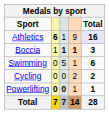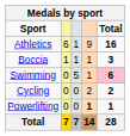 <table class="wikitable" style="font-size:85%">
 <tr style="background:#efefef;">
 <th colspan=7><strong>Medals by sport</strong></th>
 </tr>
 <tr style="text-align:center">
 <td><strong>Sport</strong></td>
 <td style="background:#f7f6a8"></td>
 <td style="background:#dce5e5"></td>
 <td style="background:#ffdab9"></td>
 <td><strong>Total</strong></td>
 </tr>
 <tr style="text-align:center">
 <td><a href='#'>Athletics</a></td>
-<td style="background:#F7F6A8;"><strong>6</strong></td>
+<td style="background:#F7F6A8;">6</td>
 <td style="background:#DCE5E5;">1</td>
 <td style="background:#FFDAB9;">9</td>
-<td style="background: lavender;"><strong>16</strong></td>
+<td><strong>16</strong></td>
 </tr>
 <tr style="text-align:center">
 <td><a href='#'>Boccia</a></td>
 <td style="background:#F7F6A8;">1</td>
-<td style="background:#DCE5E5;"><strong>1</strong></td>
-<td style="background:#FFDAB9;"><strong>1</strong></td>
+<td style="background:#DCE5E5;">1</td>
+<td style="background:#FFDAB9;">1</td>
 <td><strong>3</strong></td>
 </tr>
 <tr style="text-align:center">
 <td><a href='#'>Swimming</a></td>
 <td style="background:#F7F6A8;">0</td>
 <td style="background:#DCE5E5;">5</td>
 <td style="background:#FFDAB9;">1</td>
-<td><strong>6</strong></td>
+<td style="background: pink;"><strong>6</strong></td>
 </tr>
 <tr style="text-align:center">
 <td><a href='#'>Cycling</a></td>
 <td style="background:#F7F6A8;">0</td>
 <td style="background:#DCE5E5;">0</td>
 <td style="background:#FFDAB9;">2</td>
 <td><strong>2</strong></td>
 </tr>
 <tr style="text-align:center">
 <td><a href='#'>Powerlifting</a></td>
-<td style="background:#F7F6A8;"><strong>0</strong></td>
-<td style="background:#DCE5E5;"><strong>0</strong></td>
-<td style="background:#FFDAB9;">1</td>
+<td style="background:#F7F6A8;">0</td>
+<td style="background:#DCE5E5;">0</td>
+<td style="background:#FFDAB9;"><strong>1</strong></td>
 <td><strong>1</strong></td>
 </tr>
 <tr style="text-align:center">
 <th><strong>Total</strong></th>
 <th style="background:gold;"><strong>7</strong></th>
 <th style="background:silver;"><strong>7</strong></th>
 <th style="background:#c96;"><strong>14</strong></th>
 <th><strong>28</strong></th>
 </tr>
 </table>
